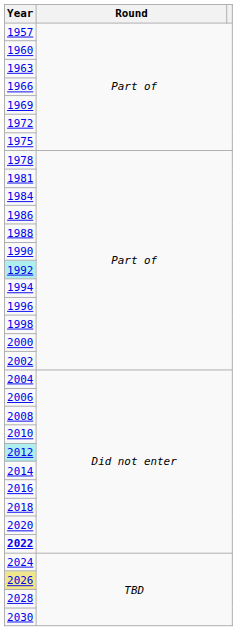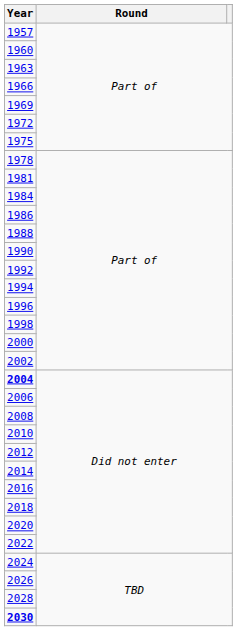 <table class="wikitable" style="text-align: center; font-size:90%">
 <tr>
 <th>Year</th>
 <th style="width:200px">Round</th>
 <th></th>
 </tr>
 <tr>
 <td><a href='#'>1957</a></td>
 <td colspan="2" rowspan="7"><em>Part of </em></td>
 </tr>
 <tr>
 <td><a href='#'>1960</a></td>
 </tr>
 <tr>
 <td><a href='#'>1963</a></td>
 </tr>
 <tr>
 <td><a href='#'>1966</a></td>
 </tr>
 <tr>
 <td><a href='#'>1969</a></td>
 </tr>
 <tr>
 <td><a href='#'>1972</a></td>
 </tr>
 <tr>
 <td><a href='#'>1975</a></td>
 </tr>
 <tr>
 <td><a href='#'>1978</a></td>
 <td colspan="2" rowspan="12"><em>Part of </em></td>
 </tr>
 <tr>
 <td><a href='#'>1981</a></td>
 </tr>
 <tr>
 <td><a href='#'>1984</a></td>
 </tr>
 <tr>
 <td><a href='#'>1986</a></td>
 </tr>
 <tr>
 <td><a href='#'>1988</a></td>
 </tr>
 <tr>
 <td><a href='#'>1990</a></td>
 </tr>
 <tr>
-<td style="background: paleturquoise;"><a href='#'>1992</a></td>
+<td><a href='#'>1992</a></td>
 </tr>
 <tr>
 <td><a href='#'>1994</a></td>
 </tr>
 <tr>
 <td><a href='#'>1996</a></td>
 </tr>
 <tr>
 <td><a href='#'>1998</a></td>
 </tr>
 <tr>
 <td><a href='#'>2000</a></td>
 </tr>
 <tr>
 <td><a href='#'>2002</a></td>
 </tr>
 <tr>
-<td><a href='#'>2004</a></td>
+<td><strong><a href='#'>2004</a></strong></td>
 <td colspan="2" rowspan="10"><em>Did not enter</em></td>
 </tr>
 <tr>
 <td><a href='#'>2006</a></td>
 </tr>
 <tr>
 <td><a href='#'>2008</a></td>
 </tr>
 <tr>
 <td><a href='#'>2010</a></td>
 </tr>
 <tr>
-<td style="background: paleturquoise;"><a href='#'>2012</a></td>
+<td><a href='#'>2012</a></td>
 </tr>
 <tr>
 <td><a href='#'>2014</a></td>
 </tr>
 <tr>
 <td><a href='#'>2016</a></td>
 </tr>
 <tr>
 <td><a href='#'>2018</a></td>
 </tr>
 <tr>
 <td><a href='#'>2020</a></td>
 </tr>
 <tr>
-<td><strong><a href='#'>2022</a></strong></td>
+<td><a href='#'>2022</a></td>
 </tr>
 <tr>
 <td><a href='#'>2024</a></td>
 <td colspan="2" rowspan="4"><em>TBD</em></td>
 </tr>
 <tr>
-<td style="background: khaki;"><a href='#'>2026</a></td>
+<td><a href='#'>2026</a></td>
 </tr>
 <tr>
 <td><a href='#'>2028</a></td>
 </tr>
 <tr>
-<td><a href='#'>2030</a></td>
+<td><strong><a href='#'>2030</a></strong></td>
 </tr>
 </table>
